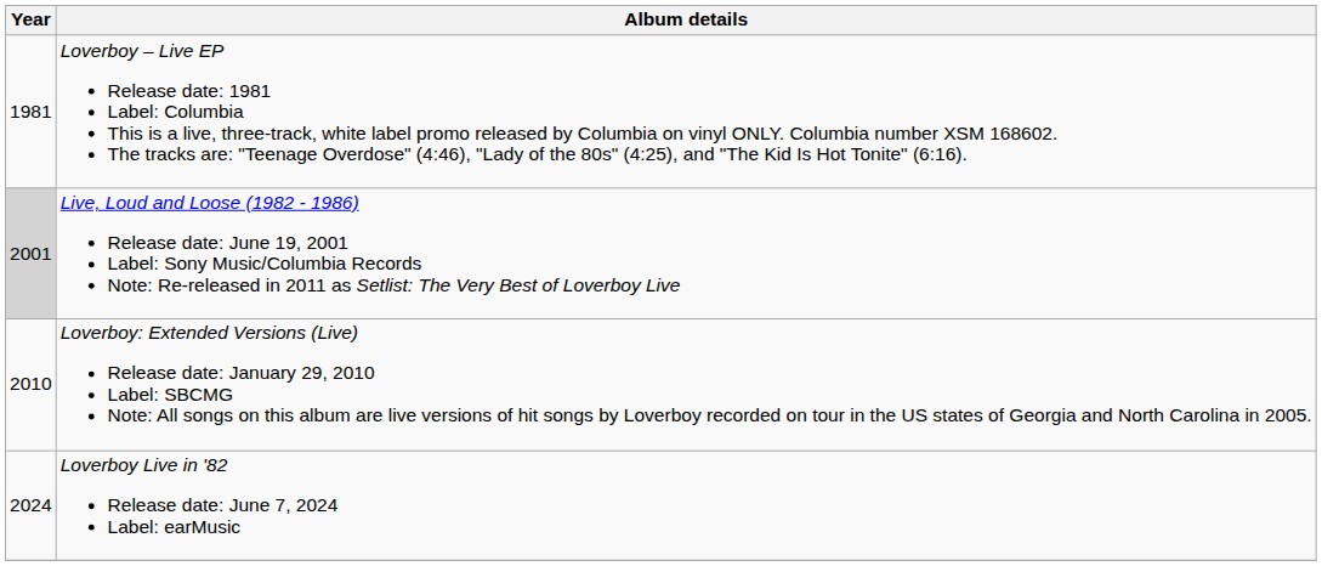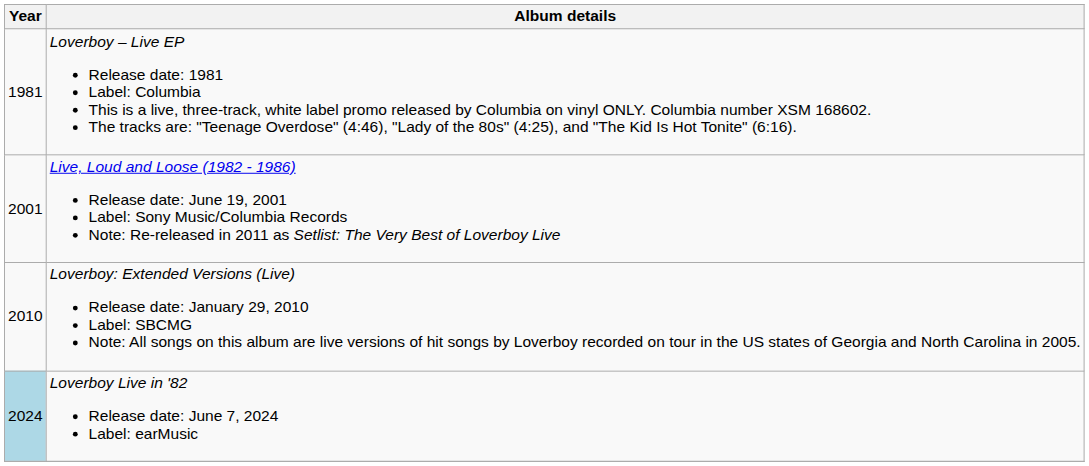 <table class="wikitable" style="text-align:center;">
 <tr>
 <th>Year</th>
 <th>Album details</th>
 </tr>
 <tr>
 <td>1981</td>
 <td style="text-align:left;"><em>Loverboy – Live EP</em><br><ul><li>Release date: 1981</li><li>Label: Columbia</li><li>This is a live, three-track, white label promo released by Columbia on vinyl ONLY. Columbia number XSM 168602.</li><li>The tracks are: "Teenage Overdose" (4:46), "Lady of the 80s" (4:25), and "The Kid Is Hot Tonite" (6:16).</li></ul></td>
 </tr>
 <tr>
-<td style="background: lightgrey;">2001</td>
+<td>2001</td>
 <td style="text-align:left;"><em><a href='#'>Live, Loud and Loose (1982 - 1986)</a></em><br><ul><li>Release date: June 19, 2001</li><li>Label: Sony Music/Columbia Records</li><li>Note: Re-released in 2011 as <em>Setlist: The Very Best of Loverboy Live</em></li></ul></td>
 </tr>
 <tr>
 <td>2010</td>
 <td style="text-align:left;"><em>Loverboy: Extended Versions (Live)</em><br><ul><li>Release date: January 29, 2010</li><li>Label: SBCMG</li><li>Note: All songs on this album are live versions of hit songs by Loverboy recorded on tour in the US states of Georgia and North Carolina in 2005.</li></ul></td>
 </tr>
 <tr>
-<td>2024</td>
+<td style="background: lightblue;">2024</td>
 <td style="text-align:left;"><em>Loverboy Live in '82</em><br><ul><li>Release date: June 7, 2024</li><li>Label: earMusic</li></ul></td>
 </tr>
 <tr>
 </tr>
 </table>
